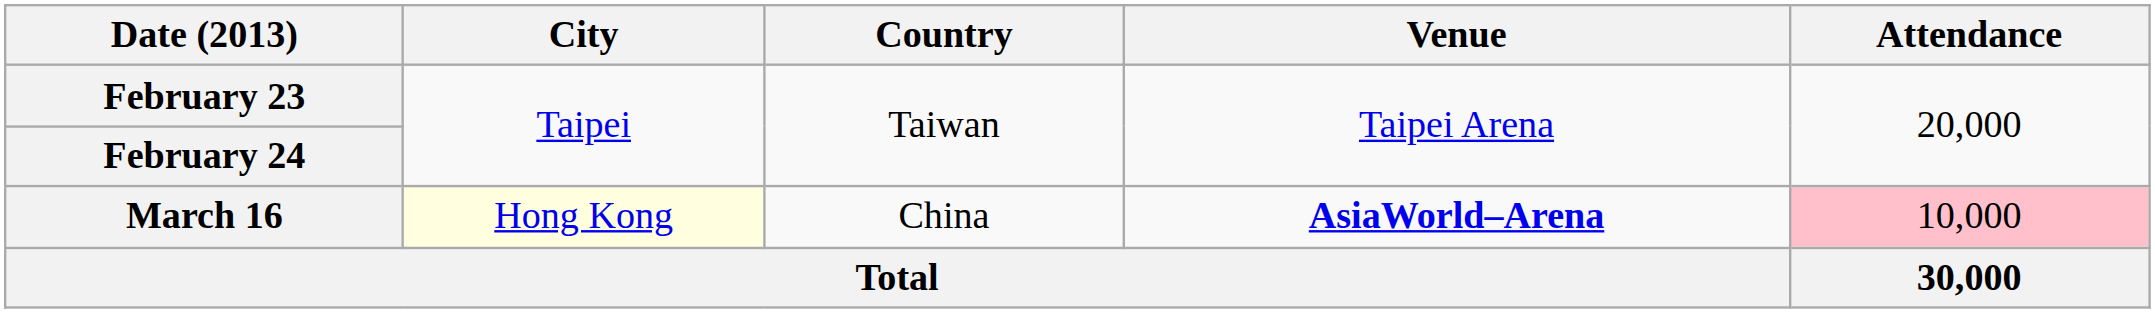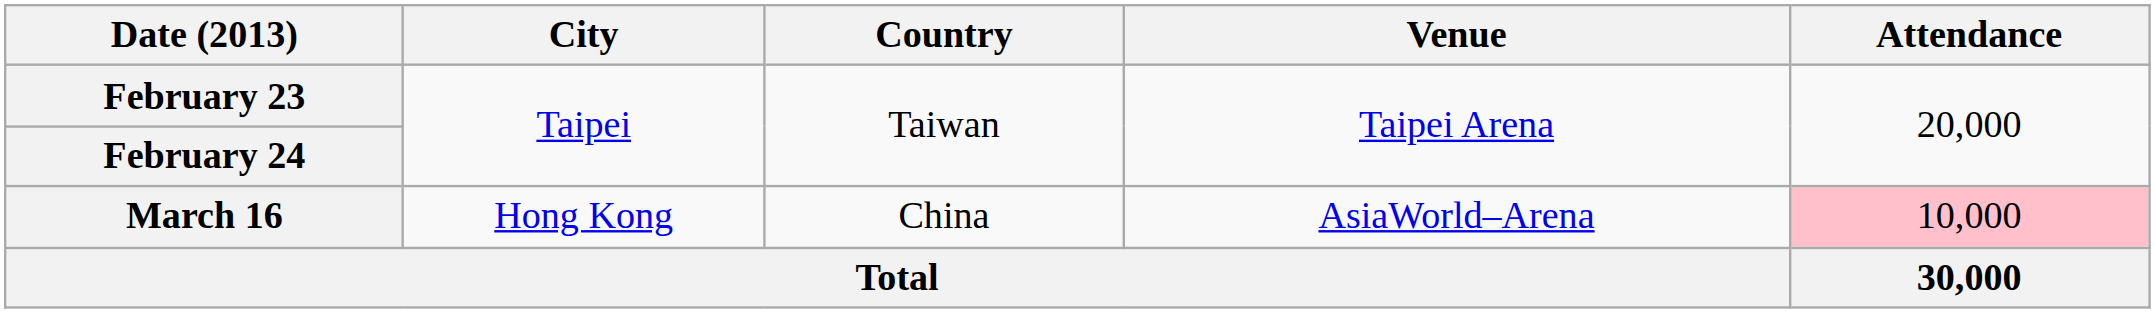 <table class="wikitable plainrowheaders" style="text-align:center;">
 <tr>
 <th scope="col" style="width:10em;">Date (2013)</th>
 <th scope="col" style="width:9em;">City</th>
 <th scope="col" style="width:9em;">Country</th>
 <th scope="col" style="width:17em;">Venue</th>
 <th scope="col" style="width:9em;">Attendance</th>
 </tr>
 <tr>
 <th scope="row" style="text-align:center;">February 23</th>
 <td rowspan="2"><a href='#'>Taipei</a></td>
 <td rowspan="2">Taiwan</td>
 <td rowspan="2"><a href='#'>Taipei Arena</a></td>
 <td rowspan="2">20,000</td>
 </tr>
 <tr>
 <th scope="row" style="text-align:center;">February 24</th>
 </tr>
 <tr>
 <th scope="row" style="text-align:center;">March 16</th>
-<td style="background: lightyellow;"><a href='#'>Hong Kong</a></td>
+<td><a href='#'>Hong Kong</a></td>
 <td>China</td>
-<td><strong><a href='#'>AsiaWorld–Arena</a></strong></td>
+<td><a href='#'>AsiaWorld–Arena</a></td>
 <td style="background: pink;">10,000</td>
 </tr>
 <tr>
 <th colspan="4">Total</th>
 <th>30,000</th>
 </tr>
 </table>
